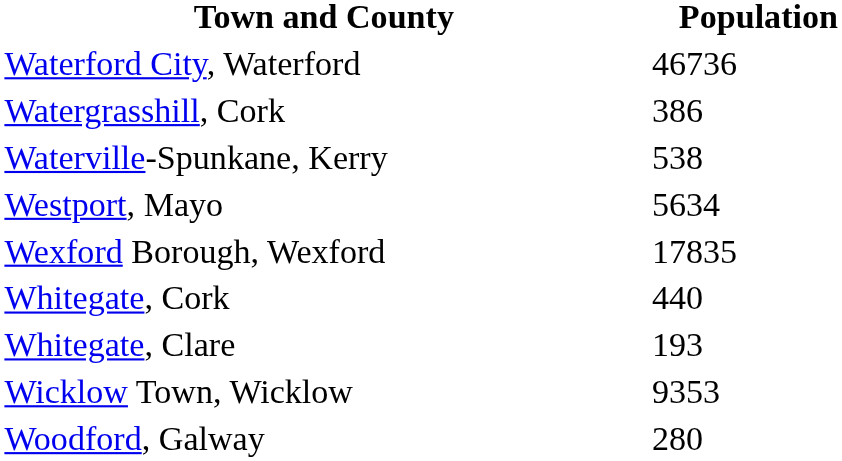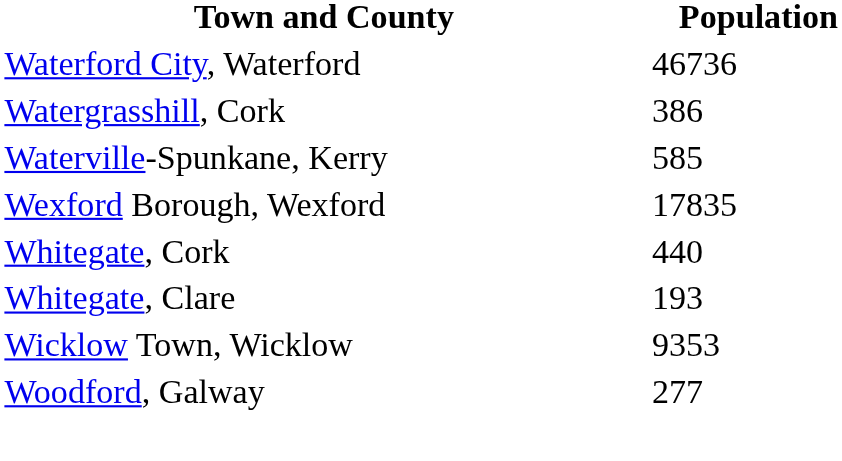 <table>
 <tr>
 <th style="width:300px;align:left;">Town and County</th>
 <th style="width:100px;align:right;">Population</th>
 </tr>
 <tr>
 <td><a href='#'>Waterford City</a>, Waterford</td>
 <td>46736</td>
 </tr>
 <tr>
 <td><a href='#'>Watergrasshill</a>, Cork</td>
 <td>386</td>
 </tr>
 <tr>
 <td><a href='#'>Waterville</a>-Spunkane, Kerry</td>
-<td>538</td>
-</tr>
-<tr>
-<td><a href='#'>Westport</a>, Mayo</td>
-<td>5634</td>
+<td>585</td>
 </tr>
 <tr>
 <td><a href='#'>Wexford</a> Borough, Wexford</td>
 <td>17835</td>
 </tr>
 <tr>
 <td><a href='#'>Whitegate</a>, Cork</td>
 <td>440</td>
 </tr>
 <tr>
 <td><a href='#'>Whitegate</a>, Clare</td>
 <td>193</td>
 </tr>
 <tr>
 <td><a href='#'>Wicklow</a> Town, Wicklow</td>
 <td>9353</td>
 </tr>
 <tr>
 <td><a href='#'>Woodford</a>, Galway</td>
-<td>280</td>
+<td>277</td>
 </tr>
 </table>
